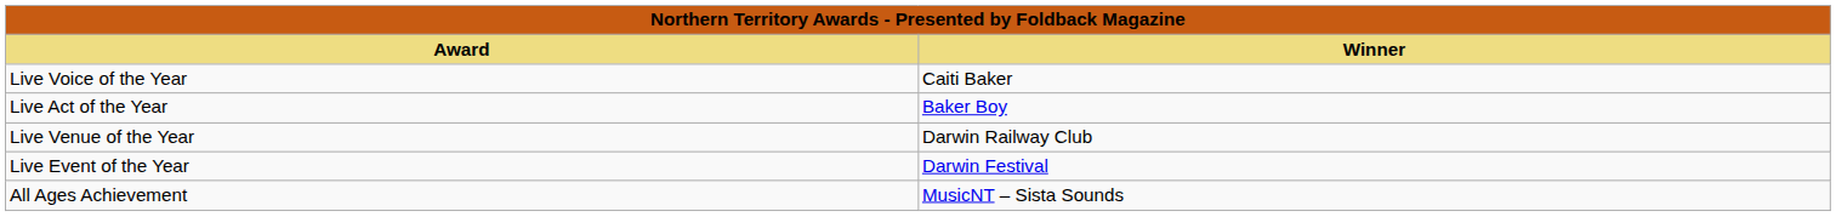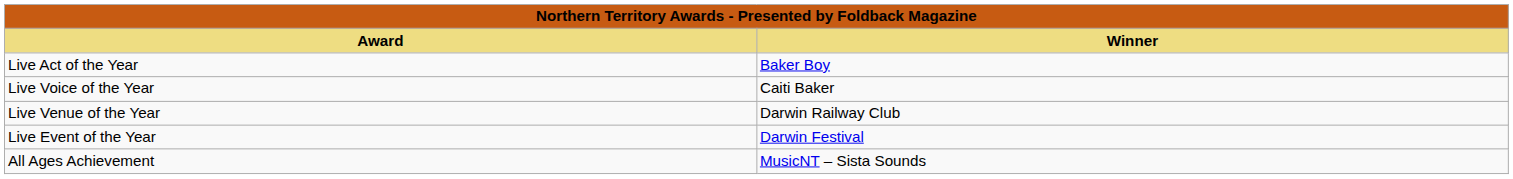 <table class="wikitable" width=100%>
 <tr>
 <th colspan="2" ! style="width:15%;background:#C75B12">Northern Territory Awards - Presented by Foldback Magazine</th>
 </tr>
 <tr>
 <th style="width:10%;background:#EEDD82;">Award</th>
 <th style="width:10%;background:#EEDD82;">Winner</th>
 </tr>
 <tr>
+<td>Live Act of the Year</td>
+<td><a href='#'>Baker Boy</a></td>
+</tr>
+<tr>
 <td>Live Voice of the Year</td>
 <td>Caiti Baker</td>
-</tr>
-<tr>
-<td>Live Act of the Year</td>
-<td><a href='#'>Baker Boy</a></td>
 </tr>
 <tr>
 <td>Live Venue of the Year</td>
 <td>Darwin Railway Club</td>
 </tr>
 <tr>
 <td>Live Event of the Year</td>
 <td><a href='#'>Darwin Festival</a></td>
 </tr>
 <tr>
 <td>All Ages Achievement</td>
 <td><a href='#'>MusicNT</a> – Sista Sounds</td>
 </tr>
 </table>
